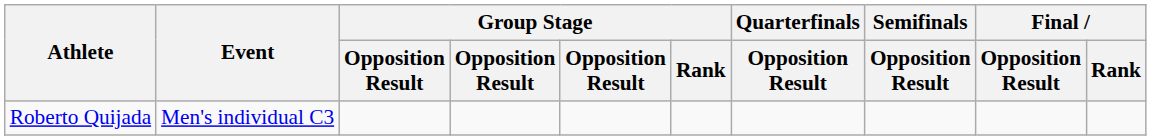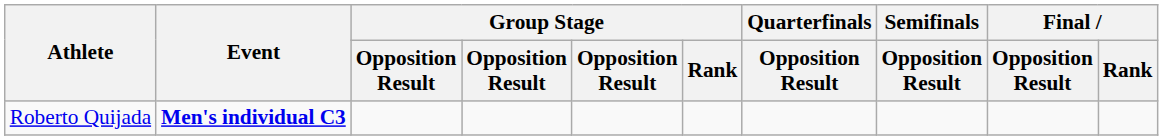 <table class=wikitable style="font-size:90%">
 <tr align=center>
 <th rowspan="2">Athlete</th>
 <th rowspan="2">Event</th>
 <th colspan="4">Group Stage</th>
 <th>Quarterfinals</th>
 <th>Semifinals</th>
 <th colspan="2">Final / </th>
 </tr>
 <tr>
 <th>Opposition<br>Result</th>
 <th>Opposition<br>Result</th>
 <th>Opposition<br>Result</th>
 <th>Rank</th>
 <th>Opposition<br>Result</th>
 <th>Opposition<br>Result</th>
 <th>Opposition<br>Result</th>
 <th>Rank</th>
 </tr>
 <tr align=center>
 <td align=left><a href='#'>Roberto Quijada</a></td>
-<td align=left><a href='#'>Men's individual C3</a></td>
+<td align=left><strong><a href='#'>Men's individual C3</a></strong></td>
 <td></td>
 <td></td>
 <td></td>
 <td></td>
 <td></td>
 <td></td>
 <td></td>
 <td></td>
 </tr>
 </table>
